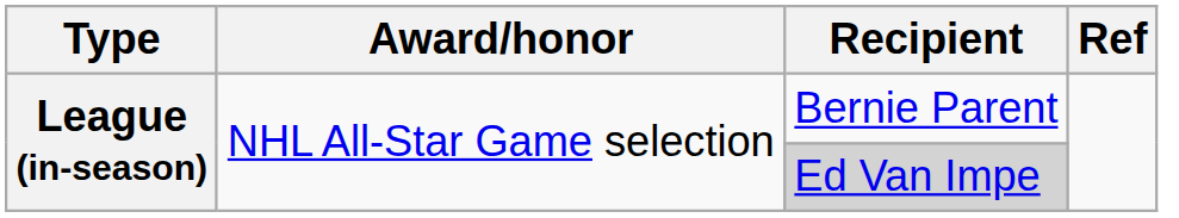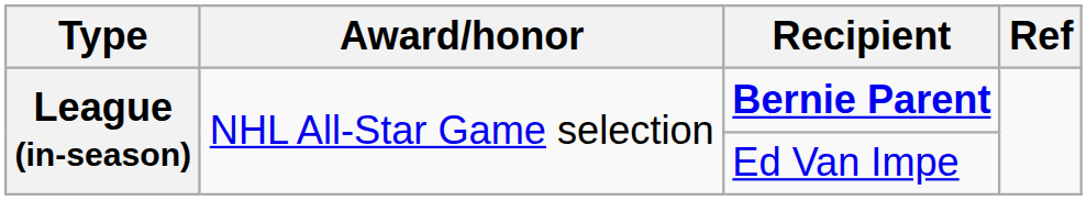 <table class="wikitable">
 <tr>
 <th scope="col">Type</th>
 <th scope="col">Award/honor</th>
 <th scope="col">Recipient</th>
 <th scope="col">Ref</th>
 </tr>
 <tr>
 <th scope="row" rowspan="2">League<br><small>(in-season)</small></th>
 <td rowspan="2"><a href='#'>NHL All-Star Game</a> selection</td>
-<td><a href='#'>Bernie Parent</a></td>
+<td><strong><a href='#'>Bernie Parent</a></strong></td>
 <td rowspan="2"></td>
 </tr>
 <tr>
-<td style="background: lightgrey;"><a href='#'>Ed Van Impe</a></td>
+<td><a href='#'>Ed Van Impe</a></td>
 </tr>
 </table>
